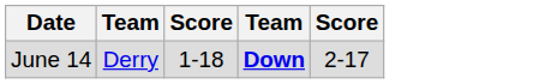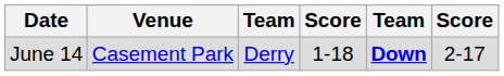 <table class="wikitable">
 <tr>
 <th>Date</th>
+<th>Venue</th>
 <th>Team</th>
 <th>Score</th>
 <th>Team</th>
 <th>Score</th>
 </tr>
 <tr align="center" style="background:#dddddd;">
 <td>June 14</td>
+<td><a href='#'>Casement Park</a></td>
 <td><a href='#'>Derry</a></td>
 <td>1-18</td>
 <td><strong><a href='#'>Down</a></strong></td>
 <td>2-17</td>
 </tr>
 </table>
